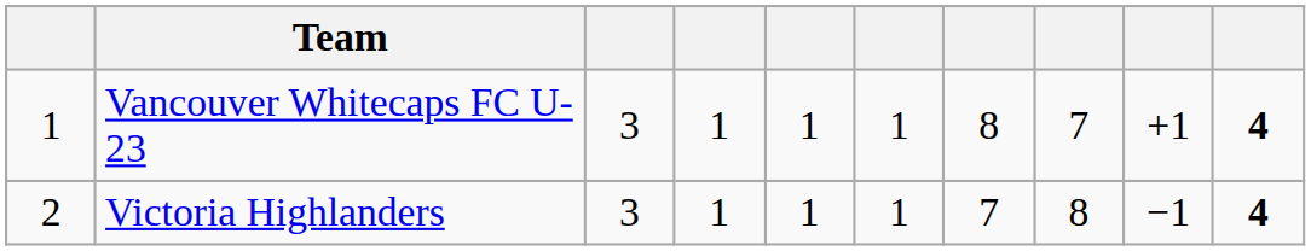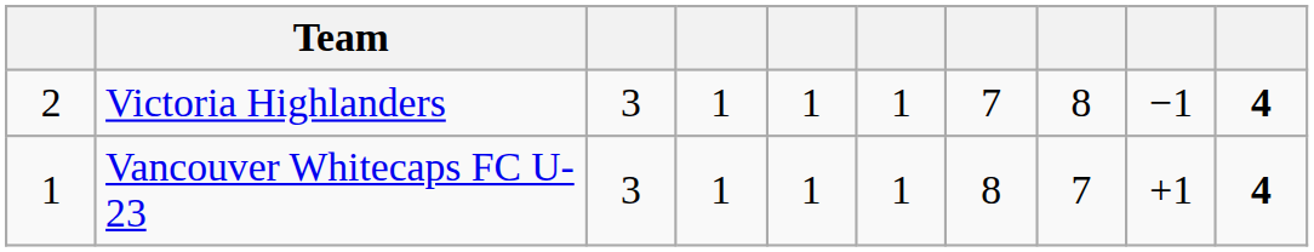 <table class="wikitable" style="text-align: center;">
 <tr>
 <th width="28"></th>
 <th style="width:185px;">Team</th>
 <th width="28"></th>
 <th width="28"></th>
 <th width="28"></th>
 <th width="28"></th>
 <th width="28"></th>
 <th width="28"></th>
 <th width="28"></th>
 <th width="28"></th>
 </tr>
+<tr>
+<td>2</td>
+<td style="text-align:left;"><a href='#'>Victoria Highlanders</a></td>
+<td>3</td>
+<td>1</td>
+<td>1</td>
+<td>1</td>
+<td>7</td>
+<td>8</td>
+<td>−1</td>
+<td><strong>4</strong></td>
+</tr>
 <tr bgcolor="">
 <td>1</td>
 <td style="text-align:left;"><a href='#'>Vancouver Whitecaps FC U-23</a></td>
 <td>3</td>
 <td>1</td>
 <td>1</td>
 <td>1</td>
 <td>8</td>
 <td>7</td>
 <td>+1</td>
 <td><strong>4</strong></td>
 </tr>
-<tr>
-<td>2</td>
-<td style="text-align:left;"><a href='#'>Victoria Highlanders</a></td>
-<td>3</td>
-<td>1</td>
-<td>1</td>
-<td>1</td>
-<td>7</td>
-<td>8</td>
-<td>−1</td>
-<td><strong>4</strong></td>
-</tr>
 </table>
